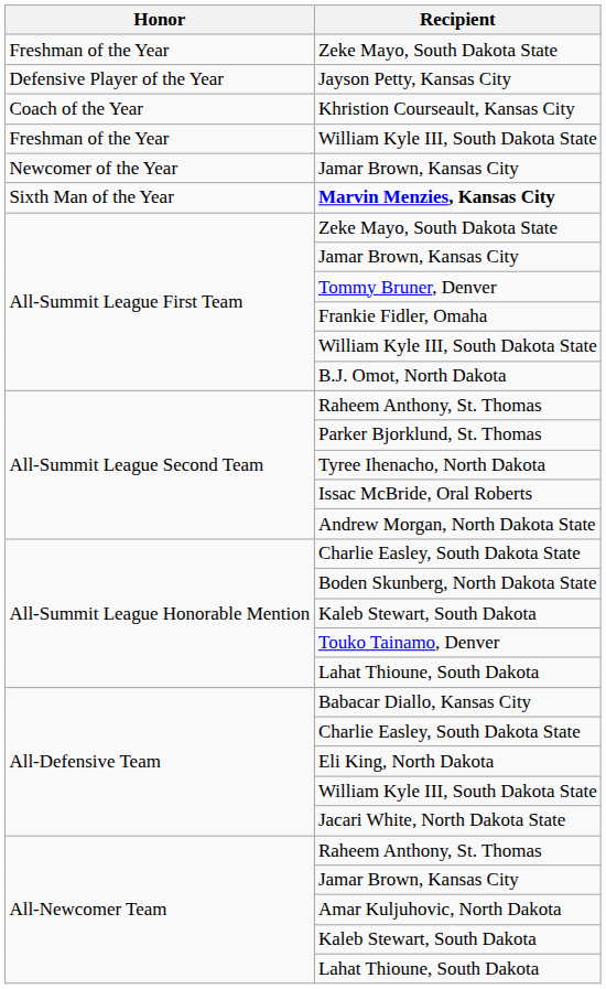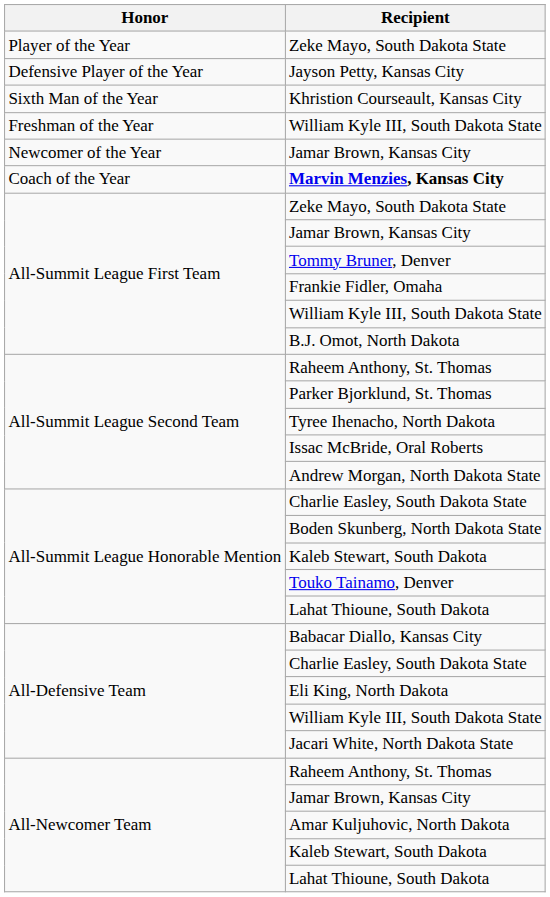 <table class="wikitable" border="1">
 <tr>
 <th>Honor</th>
 <th>Recipient</th>
 </tr>
 <tr>
-<td>Freshman of the Year</td>
+<td>Player of the Year</td>
 <td>Zeke Mayo, South Dakota State</td>
 </tr>
 <tr>
 <td>Defensive Player of the Year</td>
 <td>Jayson Petty, Kansas City</td>
 </tr>
 <tr>
-<td>Coach of the Year</td>
+<td>Sixth Man of the Year</td>
 <td>Khristion Courseault, Kansas City</td>
 </tr>
 <tr>
 <td>Freshman of the Year</td>
 <td>William Kyle III, South Dakota State</td>
 </tr>
 <tr>
 <td>Newcomer of the Year</td>
 <td>Jamar Brown, Kansas City</td>
 </tr>
 <tr>
-<td>Sixth Man of the Year</td>
+<td>Coach of the Year</td>
 <td><strong><a href='#'>Marvin Menzies</a>, Kansas City</strong></td>
 </tr>
 <tr>
 <td rowspan="6" valign="middle">All-Summit League First Team</td>
 <td>Zeke Mayo, South Dakota State</td>
 </tr>
 <tr>
 <td>Jamar Brown, Kansas City</td>
 </tr>
 <tr>
 <td><a href='#'>Tommy Bruner</a>, Denver</td>
 </tr>
 <tr>
 <td>Frankie Fidler, Omaha</td>
 </tr>
 <tr>
 <td>William Kyle III, South Dakota State</td>
 </tr>
 <tr>
 <td>B.J. Omot, North Dakota</td>
 </tr>
 <tr>
 <td rowspan="5" valign="middle">All-Summit League Second Team</td>
 <td>Raheem Anthony, St. Thomas</td>
 </tr>
 <tr>
 <td>Parker Bjorklund, St. Thomas</td>
 </tr>
 <tr>
 <td>Tyree Ihenacho, North Dakota</td>
 </tr>
 <tr>
 <td>Issac McBride, Oral Roberts</td>
 </tr>
 <tr>
 <td>Andrew Morgan, North Dakota State</td>
 </tr>
 <tr>
 <td rowspan="5" valign="middle">All-Summit League Honorable Mention</td>
 <td>Charlie Easley, South Dakota State</td>
 </tr>
 <tr>
 <td>Boden Skunberg, North Dakota State</td>
 </tr>
 <tr>
 <td>Kaleb Stewart, South Dakota</td>
 </tr>
 <tr>
 <td><a href='#'>Touko Tainamo</a>, Denver</td>
 </tr>
 <tr>
 <td>Lahat Thioune, South Dakota</td>
 </tr>
 <tr>
 <td rowspan="5" valign="middle">All-Defensive Team</td>
 <td>Babacar Diallo, Kansas City</td>
 </tr>
 <tr>
 <td>Charlie Easley, South Dakota State</td>
 </tr>
 <tr>
 <td>Eli King, North Dakota</td>
 </tr>
 <tr>
 <td>William Kyle III, South Dakota State</td>
 </tr>
 <tr>
 <td>Jacari White, North Dakota State</td>
 </tr>
 <tr>
 <td rowspan="5" valign="middle">All-Newcomer Team</td>
 <td>Raheem Anthony, St. Thomas</td>
 </tr>
 <tr>
 <td>Jamar Brown, Kansas City</td>
 </tr>
 <tr>
 <td>Amar Kuljuhovic, North Dakota</td>
 </tr>
 <tr>
 <td>Kaleb Stewart, South Dakota</td>
 </tr>
 <tr>
 <td>Lahat Thioune, South Dakota</td>
 </tr>
 </table>
